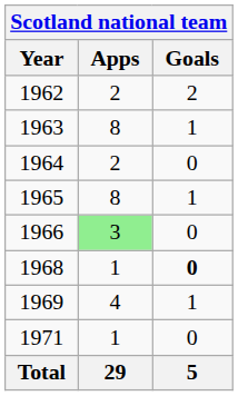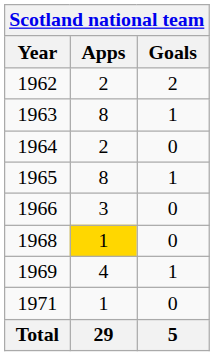 <table class="wikitable" style="text-align:center">
 <tr>
 <th colspan=3><a href='#'>Scotland national team</a></th>
 </tr>
 <tr>
 <th>Year</th>
 <th>Apps</th>
 <th>Goals</th>
 </tr>
 <tr>
 <td>1962</td>
 <td>2</td>
 <td>2</td>
 </tr>
 <tr>
 <td>1963</td>
 <td>8</td>
 <td>1</td>
 </tr>
 <tr>
 <td>1964</td>
 <td>2</td>
 <td>0</td>
 </tr>
 <tr>
 <td>1965</td>
 <td>8</td>
 <td>1</td>
 </tr>
 <tr>
 <td>1966</td>
-<td style="background: lightgreen;">3</td>
+<td>3</td>
 <td>0</td>
 </tr>
 <tr>
 <td>1968</td>
-<td>1</td>
-<td><strong>0</strong></td>
+<td style="background: gold;">1</td>
+<td>0</td>
 </tr>
 <tr>
 <td>1969</td>
 <td>4</td>
 <td>1</td>
 </tr>
 <tr>
 <td>1971</td>
 <td>1</td>
 <td>0</td>
 </tr>
 <tr>
 <th>Total</th>
 <th>29</th>
 <th>5</th>
 </tr>
 </table>
